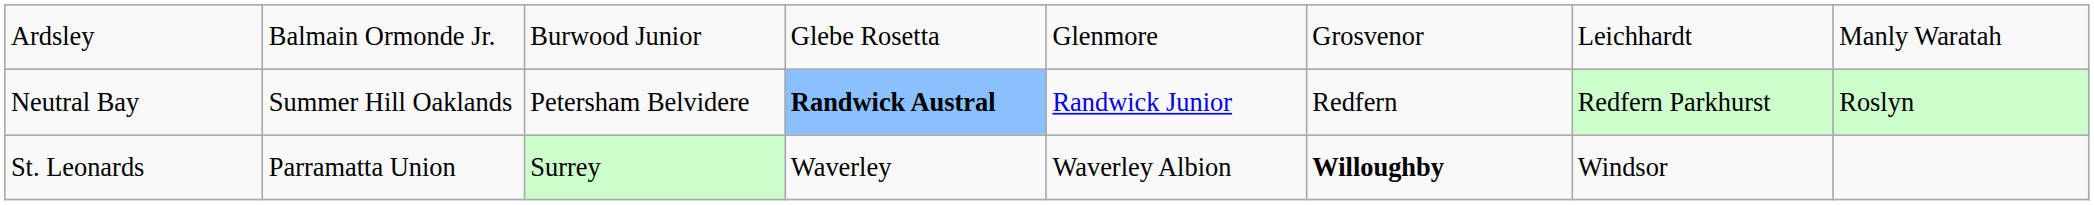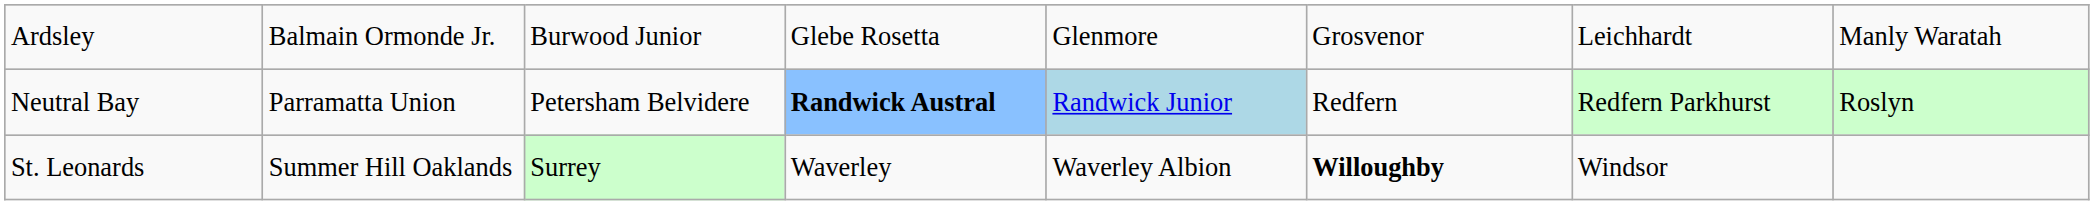 <table class="wikitable" style="margin:auto; text-valign:center; text-align:left;">
 <tr style="line-height:200%">
 <td width="175"> Ardsley</td>
 <td width="175">Balmain Ormonde Jr.</td>
 <td width="175"> Burwood Junior</td>
 <td width="175">Glebe Rosetta</td>
 <td width="175">Glenmore</td>
 <td width="175">Grosvenor</td>
 <td width="175">Leichhardt</td>
 <td width="175">Manly Waratah</td>
 </tr>
 <tr style="line-height:200%">
 <td>Neutral Bay</td>
-<td>Summer Hill Oaklands</td>
+<td>Parramatta Union</td>
 <td>Petersham Belvidere</td>
 <td style="background: #89c1ff;"><strong>Randwick Austral</strong></td>
-<td> <a href='#'>Randwick Junior</a></td>
+<td style="background: lightblue;"> <a href='#'>Randwick Junior</a></td>
 <td>Redfern</td>
 <td style="background: #ccffcc;">Redfern Parkhurst</td>
 <td style="background: #ccffcc;">Roslyn</td>
 </tr>
 <tr style="line-height:200%">
 <td>St. Leonards</td>
-<td>Parramatta Union</td>
+<td>Summer Hill Oaklands</td>
 <td style="background: #ccffcc;">Surrey</td>
 <td>Waverley</td>
 <td>Waverley Albion</td>
 <td><strong>Willoughby</strong></td>
 <td>Windsor</td>
 <td></td>
 </tr>
 </table>
